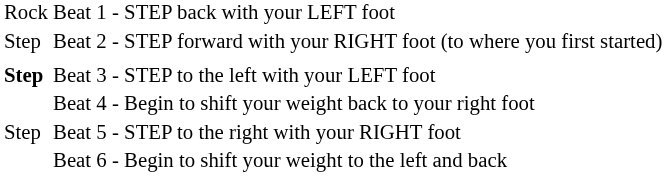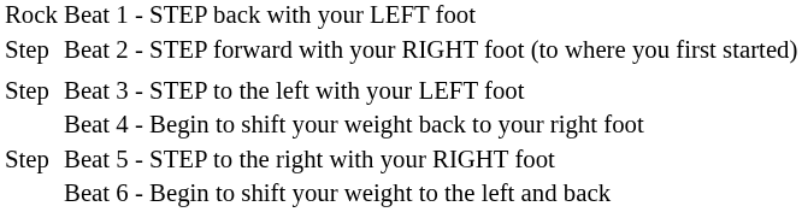 <table>
 <tr>
 <td>Rock</td>
 <td>Beat 1 - STEP back with your LEFT foot</td>
 </tr>
 <tr>
 <td>Step</td>
 <td>Beat 2 - STEP forward with your RIGHT foot (to where you first started)</td>
 </tr>
 <tr>
 <td></td>
 <td></td>
 </tr>
 <tr>
-<td><strong>Step</strong></td>
+<td>Step</td>
 <td>Beat 3 - STEP to the left with your LEFT foot</td>
 </tr>
 <tr>
 <td></td>
 <td>Beat 4 - Begin to shift your weight back to your right foot</td>
 </tr>
 <tr>
 <td>Step</td>
 <td>Beat 5 - STEP to the right with your RIGHT foot</td>
 </tr>
 <tr>
 <td></td>
 <td>Beat 6 - Begin to shift your weight to the left and back</td>
 </tr>
 </table>
